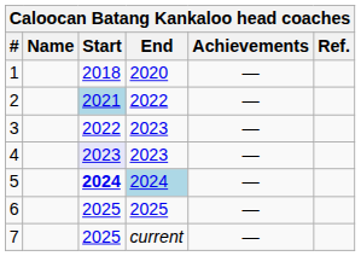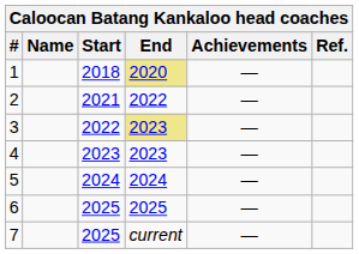 <table class="wikitable sortable">
 <tr>
 <th colspan="6">Caloocan Batang Kankaloo head coaches</th>
 </tr>
 <tr>
 <th>#</th>
 <th>Name</th>
 <th>Start</th>
 <th>End</th>
 <th>Achievements</th>
 <th>Ref.</th>
 </tr>
 <tr>
 <td align=center>1</td>
 <td></td>
 <td><a href='#'>2018</a></td>
-<td><a href='#'>2020</a></td>
+<td style="background: khaki;"><a href='#'>2020</a></td>
 <td align=center>—</td>
 <td></td>
 </tr>
 <tr>
 <td align=center>2</td>
 <td></td>
-<td style="background: lightblue;"><a href='#'>2021</a></td>
+<td><a href='#'>2021</a></td>
 <td><a href='#'>2022</a></td>
 <td align=center>—</td>
 <td></td>
 </tr>
 <tr>
 <td align=center>3</td>
 <td></td>
 <td><a href='#'>2022</a></td>
-<td><a href='#'>2023</a></td>
+<td style="background: khaki;"><a href='#'>2023</a></td>
 <td align=center>—</td>
 <td></td>
 </tr>
 <tr>
 <td align=center>4</td>
 <td></td>
-<td style="background: lavender;"><a href='#'>2023</a></td>
+<td><a href='#'>2023</a></td>
 <td><a href='#'>2023</a></td>
 <td align=center>—</td>
 <td></td>
 </tr>
 <tr>
 <td align=center>5</td>
 <td></td>
-<td><strong><a href='#'>2024</a></strong></td>
-<td style="background: lightblue;"><a href='#'>2024</a></td>
+<td><a href='#'>2024</a></td>
+<td><a href='#'>2024</a></td>
 <td align=center>—</td>
 <td></td>
 </tr>
 <tr>
 <td align=center>6</td>
 <td></td>
 <td><a href='#'>2025</a></td>
 <td><a href='#'>2025</a></td>
 <td align=center>—</td>
 <td></td>
 </tr>
 <tr>
 <td align=center>7</td>
 <td></td>
 <td><a href='#'>2025</a></td>
 <td><em>current</em></td>
 <td align=center>—</td>
 <td></td>
 </tr>
 </table>
